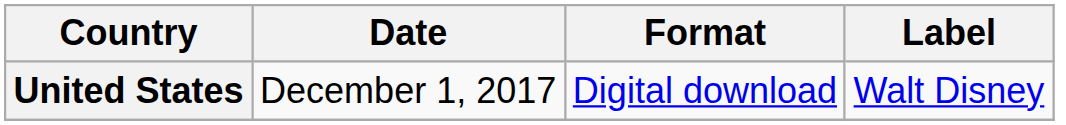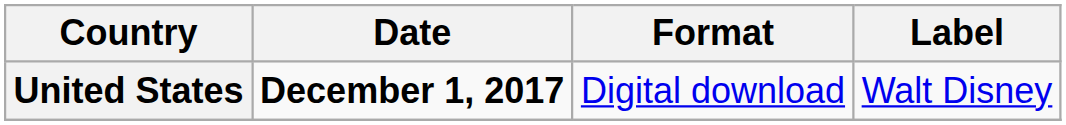 <table class="wikitable plainrowheaders">
 <tr>
 <th scope="col">Country</th>
 <th scope="col">Date</th>
 <th scope="col">Format</th>
 <th scope="col">Label</th>
 </tr>
 <tr>
 <th scope="row">United States</th>
-<td>December 1, 2017</td>
+<td><strong>December 1, 2017</strong></td>
 <td><a href='#'>Digital download</a></td>
 <td><a href='#'>Walt Disney</a></td>
 </tr>
 <tr>
 </tr>
 </table>
